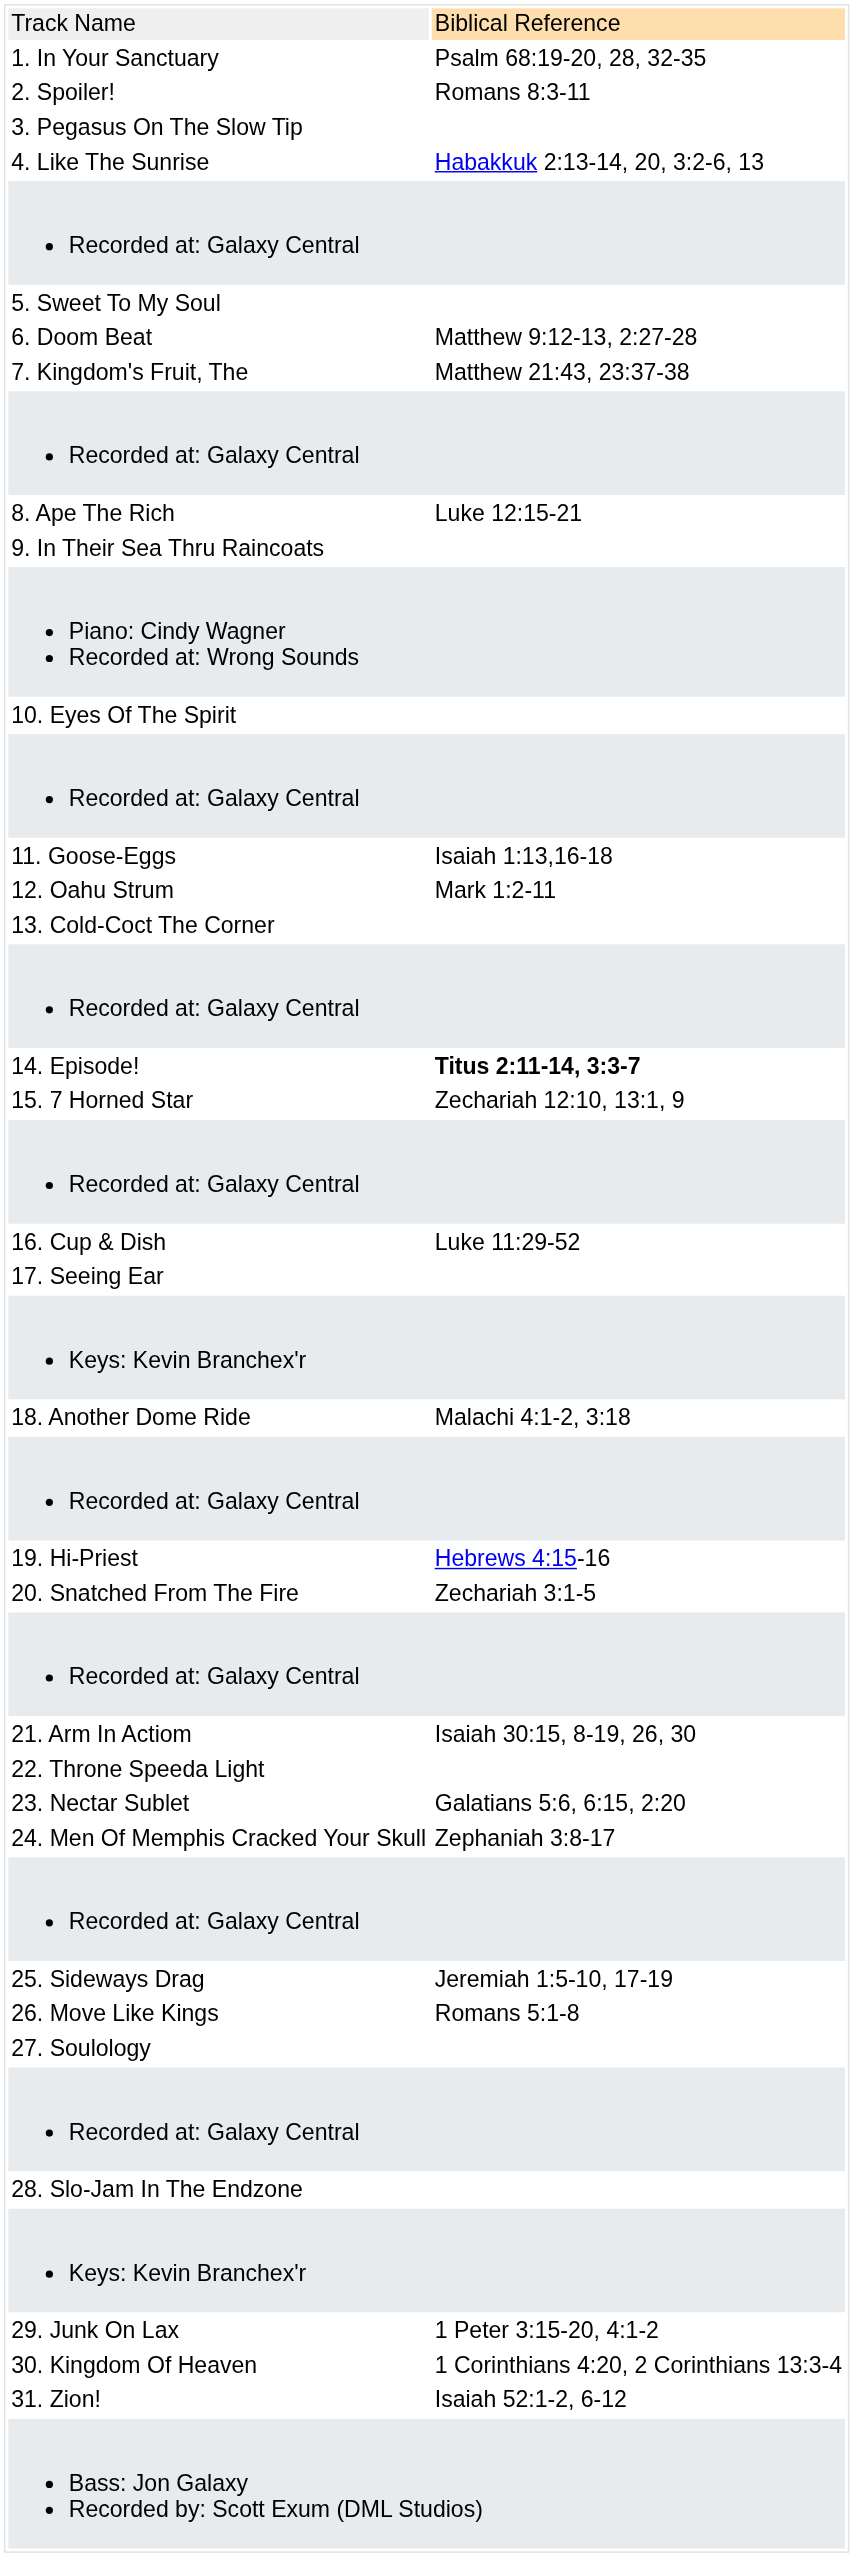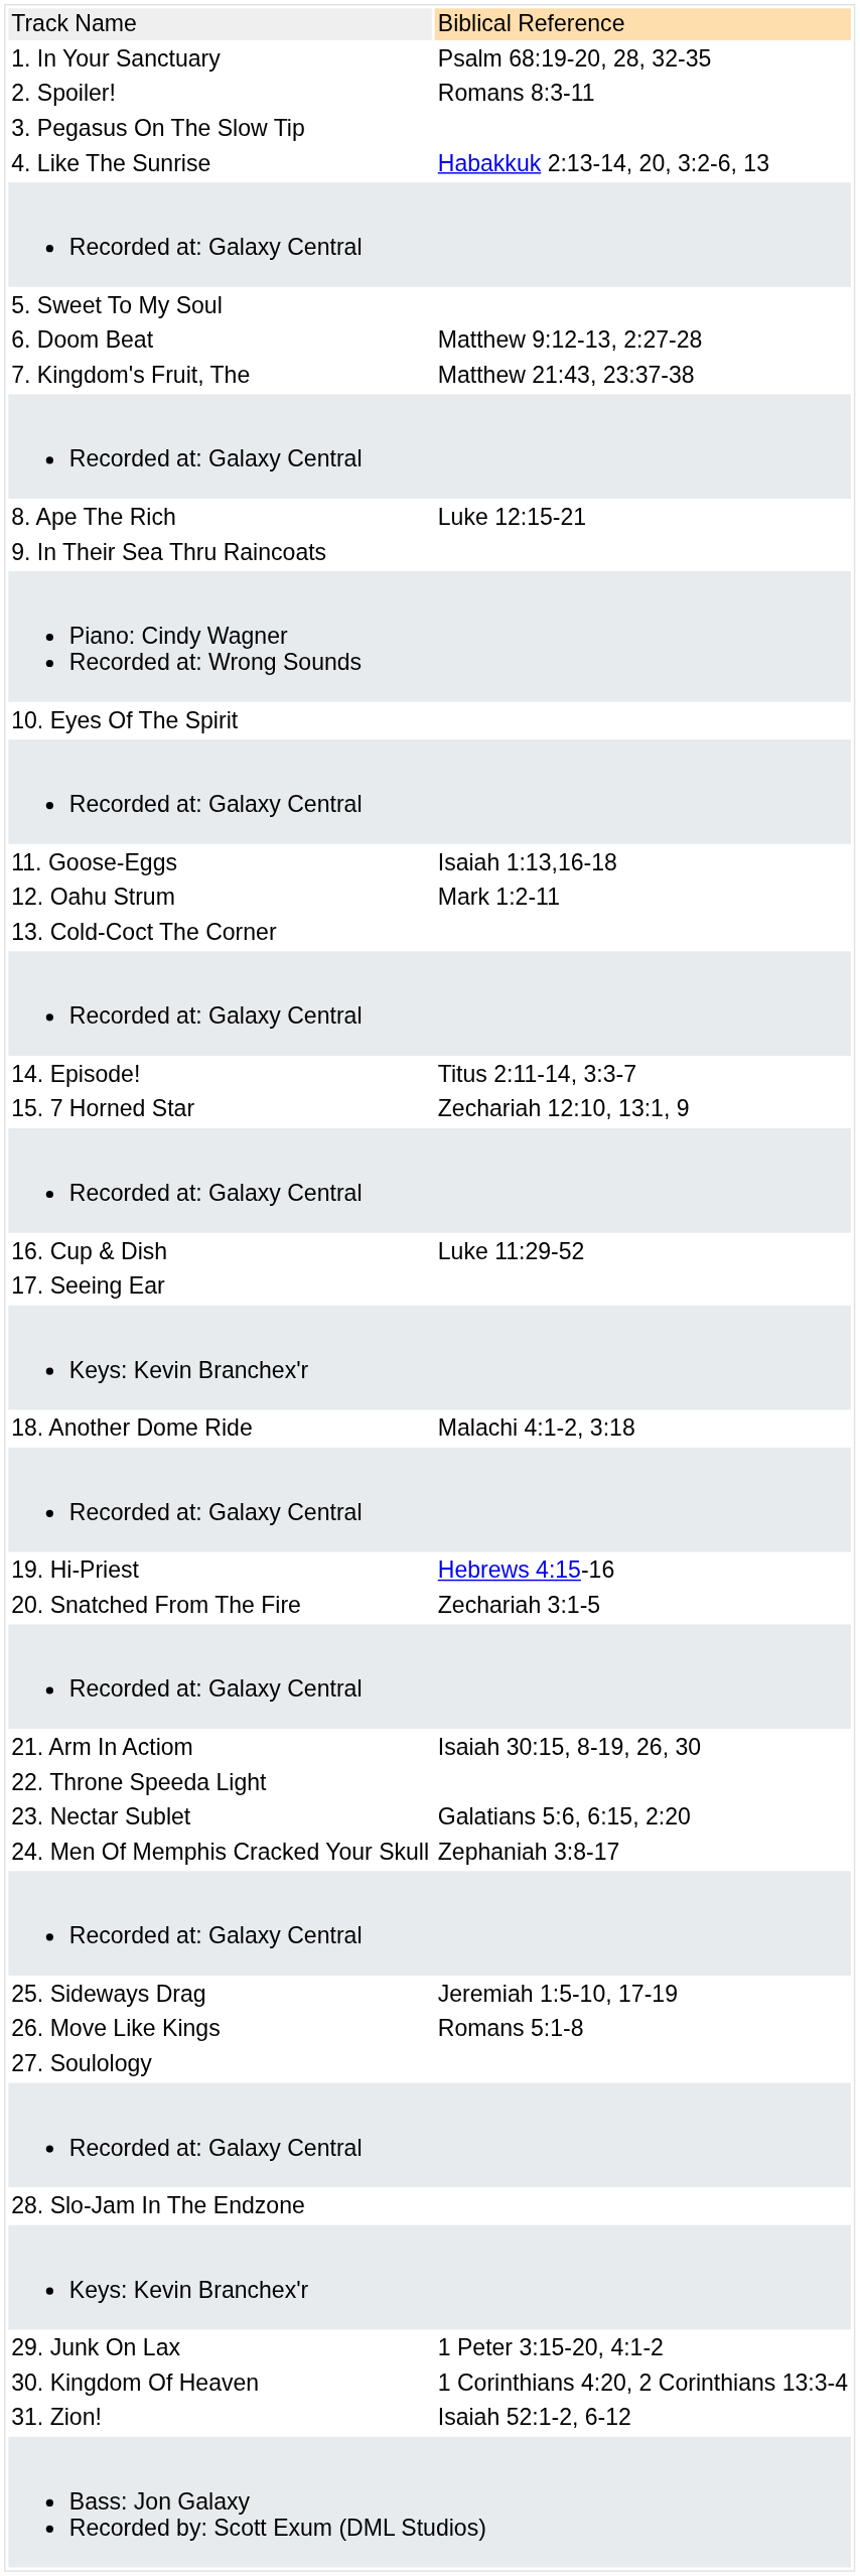 <table style=" border: 1px solid #E2E2E2;" cellpadding="2" cellspacing="2">
 <tr>
 <td style="background:#efefef;">Track Name</td>
 <td style="background:#ffdead;">Biblical Reference</td>
 </tr>
 <tr>
 <td>1. In Your Sanctuary</td>
 <td>Psalm 68:19-20, 28, 32-35</td>
 </tr>
 <tr>
 <td>2. Spoiler!</td>
 <td>Romans 8:3-11</td>
 </tr>
 <tr>
 <td>3. Pegasus On The Slow Tip</td>
 <td></td>
 </tr>
 <tr>
 <td>4. Like The Sunrise</td>
 <td><a href='#'>Habakkuk</a> 2:13-14, 20, 3:2-6, 13</td>
 </tr>
 <tr>
 <td colspan=2  bgcolor="#E7EBEE"><br><ul><li>Recorded at: Galaxy Central</li></ul></td>
 </tr>
 <tr>
 <td>5. Sweet To My Soul</td>
 <td></td>
 </tr>
 <tr>
 <td>6. Doom Beat</td>
 <td>Matthew 9:12-13, 2:27-28</td>
 </tr>
 <tr>
 <td>7. Kingdom's Fruit, The</td>
 <td>Matthew 21:43, 23:37-38</td>
 </tr>
 <tr>
 <td colspan=2  bgcolor="#E7EBEE"><br><ul><li>Recorded at: Galaxy Central</li></ul></td>
 </tr>
 <tr>
 <td>8. Ape The Rich</td>
 <td>Luke 12:15-21</td>
 </tr>
 <tr>
 <td>9. In Their Sea Thru Raincoats</td>
 <td></td>
 </tr>
 <tr>
 <td colspan=2  bgcolor="#E7EBEE"><br><ul><li>Piano: Cindy Wagner</li><li>Recorded at: Wrong Sounds</li></ul></td>
 </tr>
 <tr>
 <td>10. Eyes Of The Spirit</td>
 <td></td>
 </tr>
 <tr>
 <td colspan=2  bgcolor="#E7EBEE"><br><ul><li>Recorded at: Galaxy Central</li></ul></td>
 </tr>
 <tr>
 <td>11. Goose-Eggs</td>
 <td>Isaiah 1:13,16-18</td>
 </tr>
 <tr>
 <td>12. Oahu Strum</td>
 <td>Mark 1:2-11</td>
 </tr>
 <tr>
 <td>13. Cold-Coct The Corner</td>
 <td></td>
 </tr>
 <tr>
 <td colspan=2  bgcolor="#E7EBEE"><br><ul><li>Recorded at: Galaxy Central</li></ul></td>
 </tr>
 <tr>
 <td>14. Episode!</td>
-<td><strong>Titus 2:11-14, 3:3-7</strong></td>
+<td>Titus 2:11-14, 3:3-7</td>
 </tr>
 <tr>
 <td>15. 7 Horned Star</td>
 <td>Zechariah 12:10, 13:1, 9</td>
 </tr>
 <tr>
 <td colspan=2  bgcolor="#E7EBEE"><br><ul><li>Recorded at: Galaxy Central</li></ul></td>
 </tr>
 <tr>
 <td>16. Cup & Dish</td>
 <td>Luke 11:29-52</td>
 </tr>
 <tr>
 <td>17. Seeing Ear</td>
 <td></td>
 </tr>
 <tr>
 <td colspan=2  bgcolor="#E7EBEE"><br><ul><li>Keys: Kevin Branchex'r</li></ul></td>
 </tr>
 <tr>
 <td>18. Another Dome Ride</td>
 <td>Malachi 4:1-2, 3:18</td>
 </tr>
 <tr>
 <td colspan=2  bgcolor="#E7EBEE"><br><ul><li>Recorded at: Galaxy Central</li></ul></td>
 </tr>
 <tr>
 <td>19. Hi-Priest</td>
 <td><a href='#'>Hebrews 4:15</a>-16</td>
 </tr>
 <tr>
 <td>20. Snatched From The Fire</td>
 <td>Zechariah 3:1-5</td>
 </tr>
 <tr>
 <td colspan=2  bgcolor="#E7EBEE"><br><ul><li>Recorded at: Galaxy Central</li></ul></td>
 </tr>
 <tr>
 <td>21. Arm In Actiom</td>
 <td>Isaiah 30:15, 8-19, 26, 30</td>
 </tr>
 <tr>
 <td>22. Throne Speeda Light</td>
 <td></td>
 </tr>
 <tr>
 <td>23. Nectar Sublet</td>
 <td>Galatians 5:6, 6:15, 2:20</td>
 </tr>
 <tr>
 <td>24. Men Of Memphis Cracked Your Skull</td>
 <td>Zephaniah 3:8-17</td>
 </tr>
 <tr>
 <td colspan=2  bgcolor="#E7EBEE"><br><ul><li>Recorded at: Galaxy Central</li></ul></td>
 </tr>
 <tr>
 <td>25. Sideways Drag</td>
 <td>Jeremiah 1:5-10, 17-19</td>
 </tr>
 <tr>
 <td>26. Move Like Kings</td>
 <td>Romans 5:1-8</td>
 </tr>
 <tr>
 <td>27. Soulology</td>
 <td></td>
 </tr>
 <tr>
 <td colspan=2  bgcolor="#E7EBEE"><br><ul><li>Recorded at: Galaxy Central</li></ul></td>
 </tr>
 <tr>
 <td>28. Slo-Jam In The Endzone</td>
 <td></td>
 </tr>
 <tr>
 <td colspan=2  bgcolor="#E7EBEE"><br><ul><li>Keys: Kevin Branchex'r</li></ul></td>
 </tr>
 <tr>
 <td>29. Junk On Lax</td>
 <td>1 Peter 3:15-20, 4:1-2</td>
 </tr>
 <tr>
 <td>30. Kingdom Of Heaven</td>
 <td>1 Corinthians 4:20, 2 Corinthians 13:3-4</td>
 </tr>
 <tr>
 <td>31. Zion!</td>
 <td>Isaiah 52:1-2, 6-12</td>
 </tr>
 <tr>
 <td colspan=2  bgcolor="#E7EBEE"><br><ul><li>Bass: Jon Galaxy</li><li>Recorded by: Scott Exum (DML Studios)</li></ul></td>
 </tr>
 </table>
